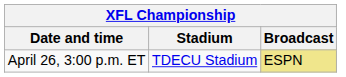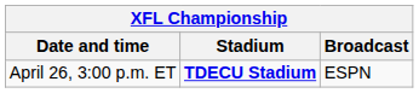 <table class="wikitable">
 <tr>
 <th colspan="10"><a href='#'>XFL Championship</a></th>
 </tr>
 <tr>
 <th>Date and time</th>
 <th>Stadium</th>
 <th>Broadcast</th>
 </tr>
 <tr>
 <td>April 26, 3:00 p.m. ET</td>
-<td><a href='#'>TDECU Stadium</a></td>
-<td style="background: khaki;">ESPN</td>
+<td><strong><a href='#'>TDECU Stadium</a></strong></td>
+<td>ESPN</td>
 </tr>
 </table>
